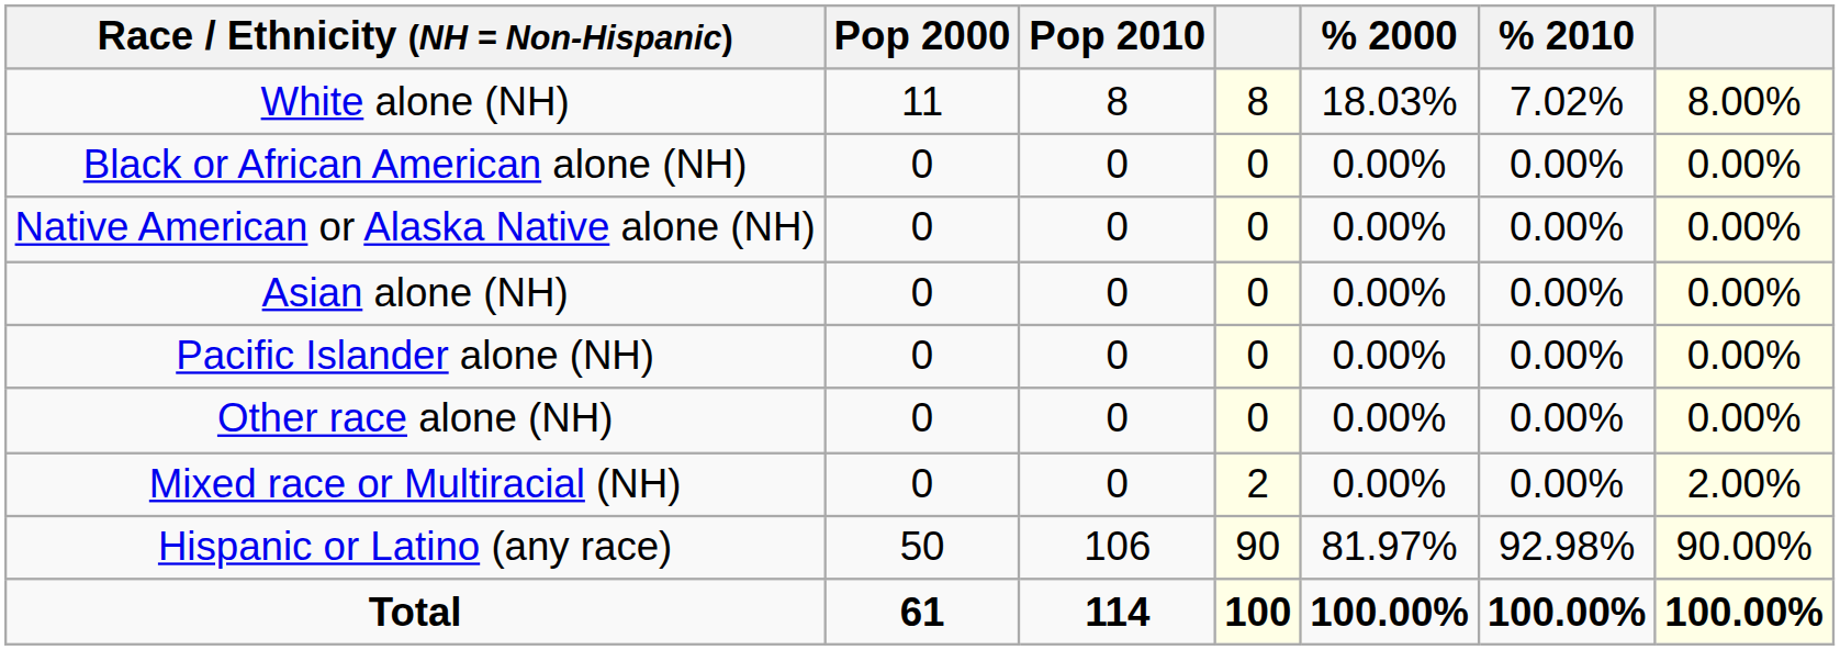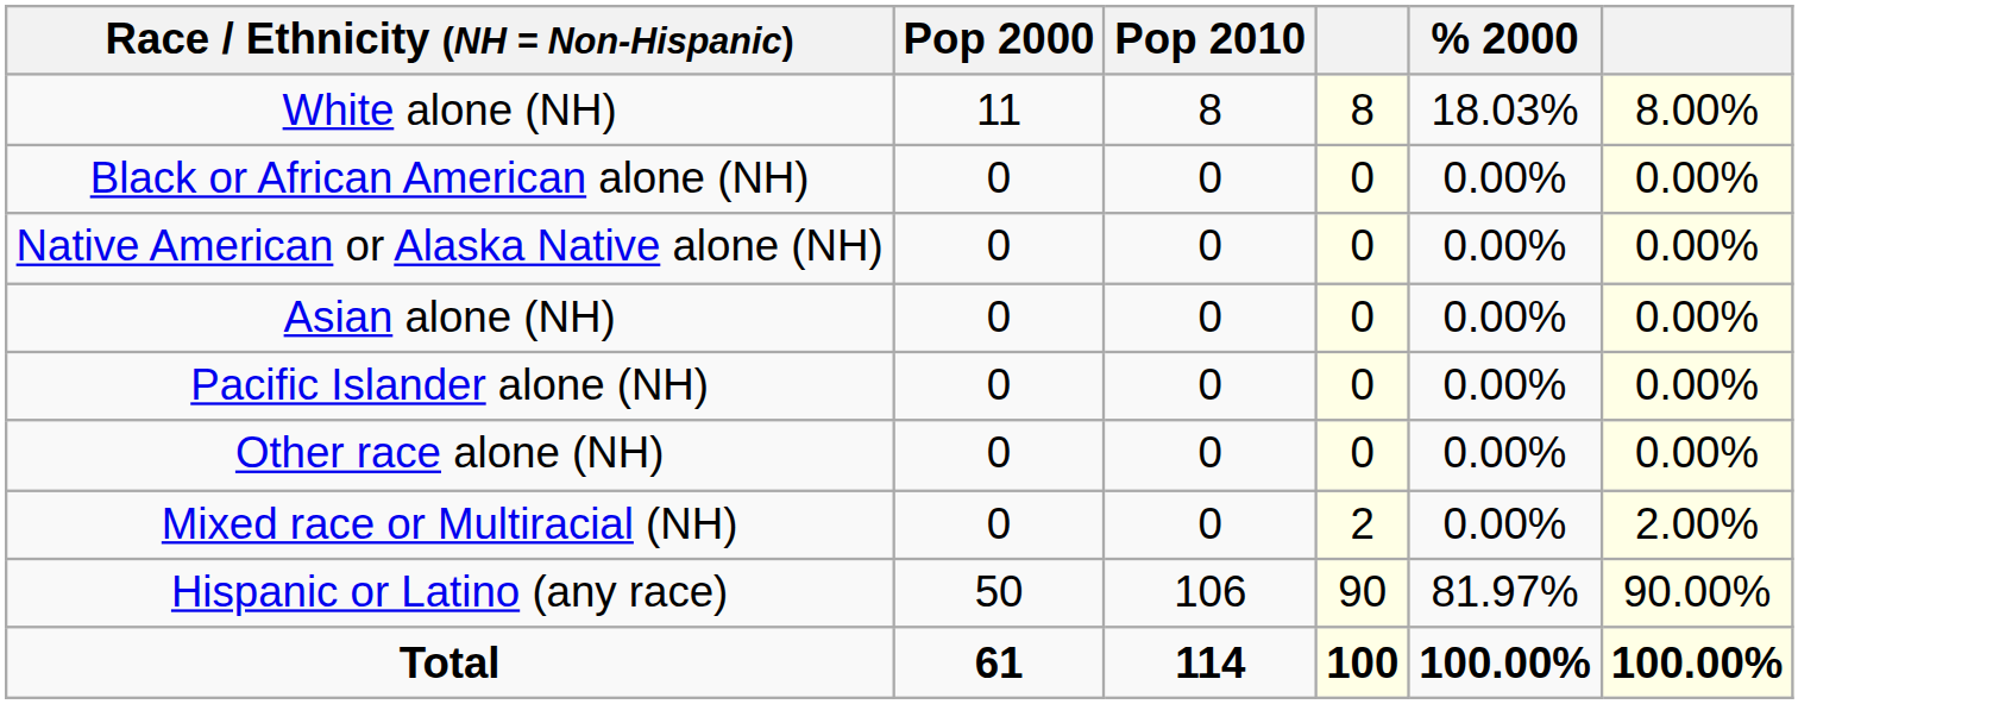 <table class="wikitable" style="text-align:center;">
 <tr>
 <th>Race / Ethnicity <small>(<em>NH = Non-Hispanic</em>)</small></th>
 <th>Pop 2000</th>
 <th>Pop 2010</th>
 <th></th>
 <th>% 2000</th>
-<th>% 2010</th>
 <th></th>
 </tr>
 <tr>
 <td><a href='#'>White</a> alone (NH)</td>
 <td>11</td>
 <td>8</td>
 <td style='background: #ffffe6;'>8</td>
 <td>18.03%</td>
-<td>7.02%</td>
 <td style='background: #ffffe6;'>8.00%</td>
 </tr>
 <tr>
 <td><a href='#'>Black or African American</a> alone (NH)</td>
 <td>0</td>
 <td>0</td>
 <td style='background: #ffffe6;'>0</td>
-<td>0.00%</td>
 <td>0.00%</td>
 <td style='background: #ffffe6;'>0.00%</td>
 </tr>
 <tr>
 <td><a href='#'>Native American</a> or <a href='#'>Alaska Native</a> alone (NH)</td>
 <td>0</td>
 <td>0</td>
 <td style='background: #ffffe6;'>0</td>
 <td>0.00%</td>
-<td>0.00%</td>
 <td style='background: #ffffe6;'>0.00%</td>
 </tr>
 <tr>
 <td><a href='#'>Asian</a> alone (NH)</td>
 <td>0</td>
 <td>0</td>
 <td style='background: #ffffe6;'>0</td>
-<td>0.00%</td>
 <td>0.00%</td>
 <td style='background: #ffffe6;'>0.00%</td>
 </tr>
 <tr>
 <td><a href='#'>Pacific Islander</a> alone (NH)</td>
 <td>0</td>
 <td>0</td>
 <td style='background: #ffffe6;'>0</td>
 <td>0.00%</td>
-<td>0.00%</td>
 <td style='background: #ffffe6;'>0.00%</td>
 </tr>
 <tr>
 <td><a href='#'>Other race</a> alone (NH)</td>
 <td>0</td>
 <td>0</td>
 <td style='background: #ffffe6;'>0</td>
-<td>0.00%</td>
 <td>0.00%</td>
 <td style='background: #ffffe6;'>0.00%</td>
 </tr>
 <tr>
 <td><a href='#'>Mixed race or Multiracial</a> (NH)</td>
 <td>0</td>
 <td>0</td>
 <td style='background: #ffffe6;'>2</td>
 <td>0.00%</td>
-<td>0.00%</td>
 <td style='background: #ffffe6;'>2.00%</td>
 </tr>
 <tr>
 <td><a href='#'>Hispanic or Latino</a> (any race)</td>
 <td>50</td>
 <td>106</td>
 <td style='background: #ffffe6;'>90</td>
 <td>81.97%</td>
-<td>92.98%</td>
 <td style='background: #ffffe6;'>90.00%</td>
 </tr>
 <tr>
 <td><strong>Total</strong></td>
 <td><strong>61</strong></td>
 <td><strong>114</strong></td>
 <td style='background: #ffffe6;'><strong>100</strong></td>
 <td><strong>100.00%</strong></td>
-<td><strong>100.00%</strong></td>
 <td style='background: #ffffe6;'><strong>100.00%</strong></td>
 </tr>
 </table>
